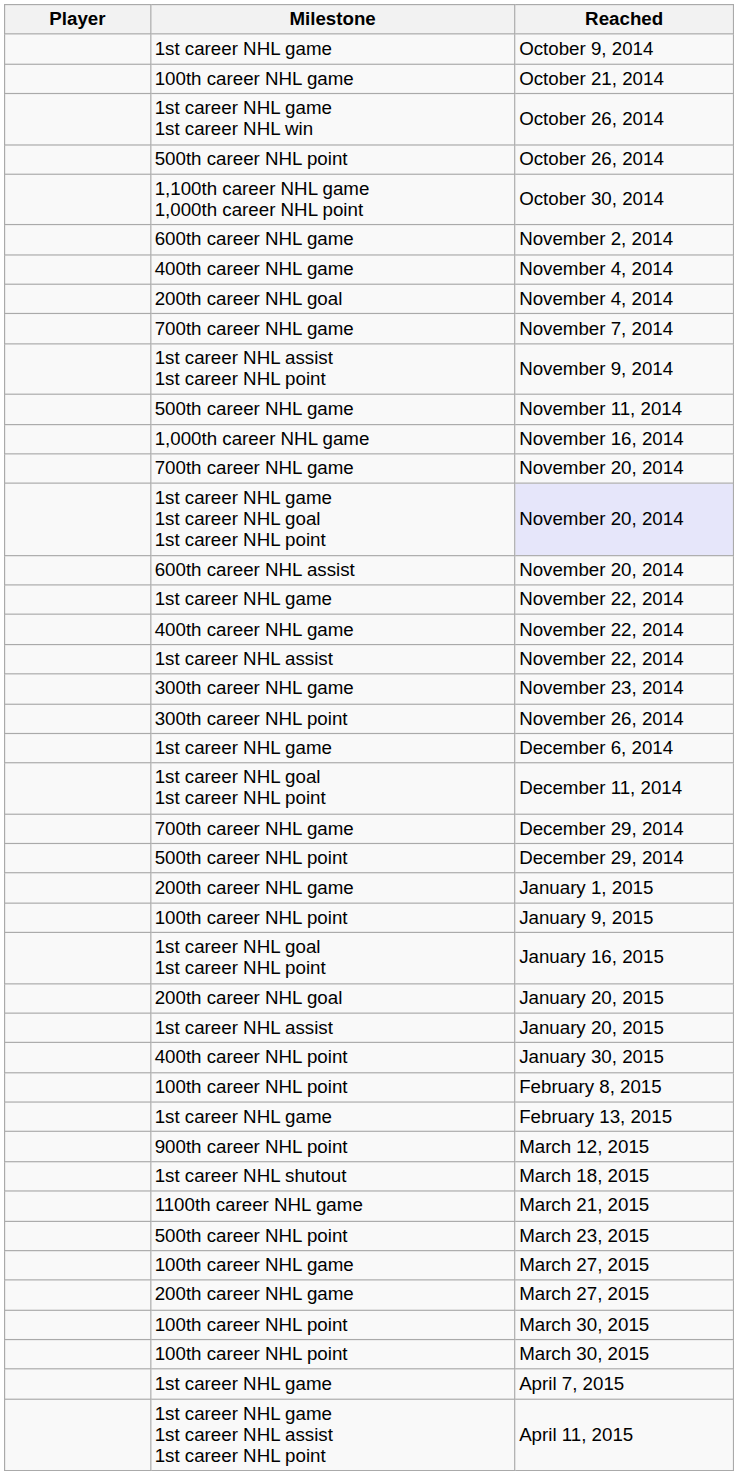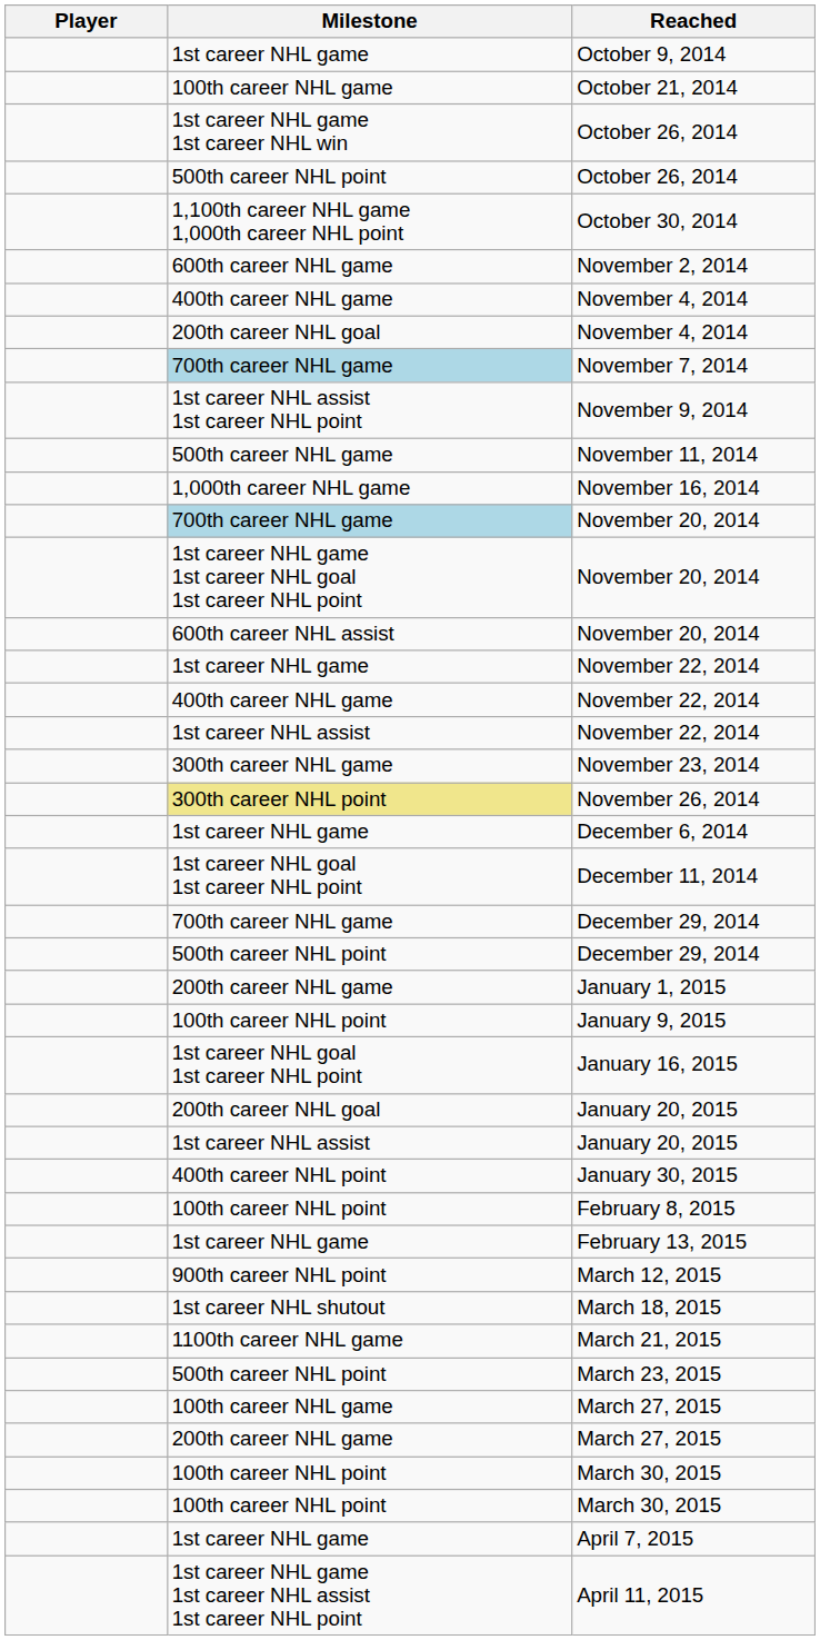 <table class="wikitable sortable" style="width:100%;">
 <tr align=center>
 <th style="width:20%;">Player</th>
 <th style="width:50%;">Milestone</th>
 <th style="width:30%;" data-sort-type="date">Reached</th>
 </tr>
 <tr>
 <td></td>
 <td>1st career NHL game</td>
 <td>October 9, 2014</td>
 </tr>
 <tr>
 <td></td>
 <td>100th career NHL game</td>
 <td>October 21, 2014</td>
 </tr>
 <tr>
 <td></td>
 <td>1st career NHL game<br>1st career NHL win</td>
 <td>October 26, 2014</td>
 </tr>
 <tr>
 <td></td>
 <td>500th career NHL point</td>
 <td>October 26, 2014</td>
 </tr>
 <tr>
 <td></td>
 <td>1,100th career NHL game<br>1,000th career NHL point</td>
 <td>October 30, 2014</td>
 </tr>
 <tr>
 <td></td>
 <td>600th career NHL game</td>
 <td>November 2, 2014</td>
 </tr>
 <tr>
 <td></td>
 <td>400th career NHL game</td>
 <td>November 4, 2014</td>
 </tr>
 <tr>
 <td></td>
 <td>200th career NHL goal</td>
 <td>November 4, 2014</td>
 </tr>
 <tr>
 <td></td>
-<td>700th career NHL game</td>
+<td style="background: lightblue;">700th career NHL game</td>
 <td>November 7, 2014</td>
 </tr>
 <tr>
 <td></td>
 <td>1st career NHL assist<br>1st career NHL point</td>
 <td>November 9, 2014</td>
 </tr>
 <tr>
 <td></td>
 <td>500th career NHL game</td>
 <td>November 11, 2014</td>
 </tr>
 <tr>
 <td></td>
 <td>1,000th career NHL game</td>
 <td>November 16, 2014</td>
 </tr>
 <tr>
 <td></td>
-<td>700th career NHL game</td>
+<td style="background: lightblue;">700th career NHL game</td>
 <td>November 20, 2014</td>
 </tr>
 <tr>
 <td></td>
 <td>1st career NHL game<br>1st career NHL goal<br>1st career NHL point</td>
-<td style="background: lavender;">November 20, 2014</td>
+<td>November 20, 2014</td>
 </tr>
 <tr>
 <td></td>
 <td>600th career NHL assist</td>
 <td>November 20, 2014</td>
 </tr>
 <tr>
 <td></td>
 <td>1st career NHL game</td>
 <td>November 22, 2014</td>
 </tr>
 <tr>
 <td></td>
 <td>400th career NHL game</td>
 <td>November 22, 2014</td>
 </tr>
 <tr>
 <td></td>
 <td>1st career NHL assist</td>
 <td>November 22, 2014</td>
 </tr>
 <tr>
 <td></td>
 <td>300th career NHL game</td>
 <td>November 23, 2014</td>
 </tr>
 <tr>
 <td></td>
-<td>300th career NHL point</td>
+<td style="background: khaki;">300th career NHL point</td>
 <td>November 26, 2014</td>
 </tr>
 <tr>
 <td></td>
 <td>1st career NHL game</td>
 <td>December 6, 2014</td>
 </tr>
 <tr>
 <td></td>
 <td>1st career NHL goal<br>1st career NHL point</td>
 <td>December 11, 2014</td>
 </tr>
 <tr>
 <td></td>
 <td>700th career NHL game</td>
 <td>December 29, 2014</td>
 </tr>
 <tr>
 <td></td>
 <td>500th career NHL point</td>
 <td>December 29, 2014</td>
 </tr>
 <tr>
 <td></td>
 <td>200th career NHL game</td>
 <td>January 1, 2015</td>
 </tr>
 <tr>
 <td></td>
 <td>100th career NHL point</td>
 <td>January 9, 2015</td>
 </tr>
 <tr>
 <td></td>
 <td>1st career NHL goal<br>1st career NHL point</td>
 <td>January 16, 2015</td>
 </tr>
 <tr>
 <td></td>
 <td>200th career NHL goal</td>
 <td>January 20, 2015</td>
 </tr>
 <tr>
 <td></td>
 <td>1st career NHL assist</td>
 <td>January 20, 2015</td>
 </tr>
 <tr>
 <td></td>
 <td>400th career NHL point</td>
 <td>January 30, 2015</td>
 </tr>
 <tr>
 <td></td>
 <td>100th career NHL point</td>
 <td>February 8, 2015</td>
 </tr>
 <tr>
 <td></td>
 <td>1st career NHL game</td>
 <td>February 13, 2015</td>
 </tr>
 <tr>
 <td></td>
 <td>900th career NHL point</td>
 <td>March 12, 2015</td>
 </tr>
 <tr>
 <td></td>
 <td>1st career NHL shutout</td>
 <td>March 18, 2015</td>
 </tr>
 <tr>
 <td></td>
 <td>1100th career NHL game</td>
 <td>March 21, 2015</td>
 </tr>
 <tr>
 <td></td>
 <td>500th career NHL point</td>
 <td>March 23, 2015</td>
 </tr>
 <tr>
 <td></td>
 <td>100th career NHL game</td>
 <td>March 27, 2015</td>
 </tr>
 <tr>
 <td></td>
 <td>200th career NHL game</td>
 <td>March 27, 2015</td>
 </tr>
 <tr>
 <td></td>
 <td>100th career NHL point</td>
 <td>March 30, 2015</td>
 </tr>
 <tr>
 <td></td>
 <td>100th career NHL point</td>
 <td>March 30, 2015</td>
 </tr>
 <tr>
 <td></td>
 <td>1st career NHL game</td>
 <td>April 7, 2015</td>
 </tr>
 <tr>
 <td></td>
 <td>1st career NHL game<br>1st career NHL assist<br>1st career NHL point</td>
 <td>April 11, 2015</td>
 </tr>
 </table>
